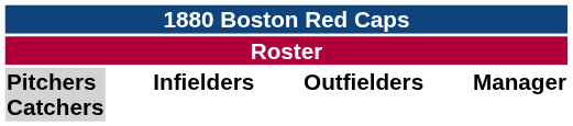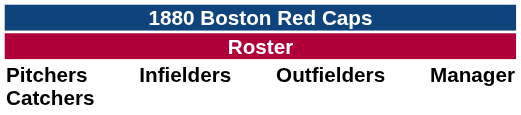 <table class="toccolours" style="font-size: 95%;">
 <tr>
 <th colspan="10" style="background-color: #0f437c; color: white; text-align: center;">1880 Boston Red Caps</th>
 </tr>
 <tr>
 <td colspan="10" style="background-color: #af0039; color: white; text-align: center;"><strong>Roster</strong></td>
 </tr>
 <tr>
-<td valign="top" style="background: lightgrey;"><strong>Pitchers</strong><br>  <strong>Catchers</strong>    </td>
+<td valign="top"><strong>Pitchers</strong><br>  <strong>Catchers</strong>    </td>
 <td width="25px"></td>
 <td valign="top"><strong>Infielders</strong><br>    </td>
 <td width="25px"></td>
 <td valign="top"><strong>Outfielders</strong><br>      </td>
 <td width="25px"></td>
 <td valign="top"><strong>Manager</strong><br></td>
 </tr>
 </table>
